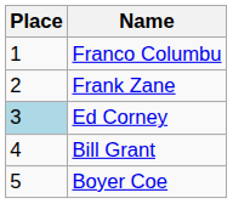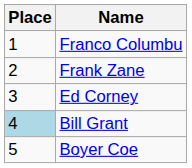 <table class="wikitable">
 <tr>
 <th>Place</th>
 <th>Name</th>
 </tr>
 <tr>
 <td>1</td>
 <td> <a href='#'>Franco Columbu</a></td>
 </tr>
 <tr>
 <td>2</td>
 <td> <a href='#'>Frank Zane</a></td>
 </tr>
 <tr>
-<td style="background: lightblue;">3</td>
+<td>3</td>
 <td> <a href='#'>Ed Corney</a></td>
 </tr>
 <tr>
-<td>4</td>
+<td style="background: lightblue;">4</td>
 <td> <a href='#'>Bill Grant</a></td>
 </tr>
 <tr>
 <td>5</td>
 <td> <a href='#'>Boyer Coe</a></td>
 </tr>
 </table>
